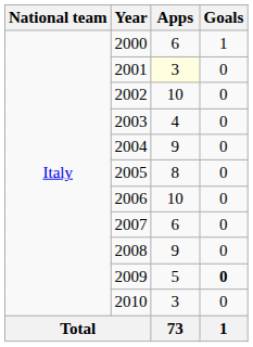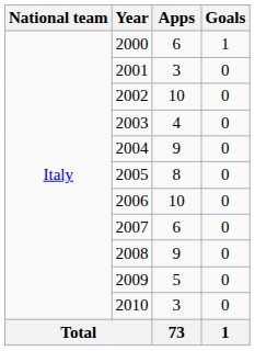 <table class="wikitable" style="text-align:center">
 <tr>
 <th>National team</th>
 <th>Year</th>
 <th width="40">Apps</th>
 <th width="40">Goals</th>
 </tr>
 <tr>
 <td rowspan="11"><a href='#'>Italy</a></td>
 <td>2000</td>
 <td>6</td>
 <td>1</td>
 </tr>
 <tr>
 <td>2001</td>
-<td style="background: lightyellow;">3</td>
+<td>3</td>
 <td>0</td>
 </tr>
 <tr>
 <td>2002</td>
 <td>10</td>
 <td>0</td>
 </tr>
 <tr>
 <td>2003</td>
 <td>4</td>
 <td>0</td>
 </tr>
 <tr>
 <td>2004</td>
 <td>9</td>
 <td>0</td>
 </tr>
 <tr>
 <td>2005</td>
 <td>8</td>
 <td>0</td>
 </tr>
 <tr>
 <td>2006</td>
 <td>10</td>
 <td>0</td>
 </tr>
 <tr>
 <td>2007</td>
 <td>6</td>
 <td>0</td>
 </tr>
 <tr>
 <td>2008</td>
 <td>9</td>
 <td>0</td>
 </tr>
 <tr>
 <td>2009</td>
 <td>5</td>
-<td><strong>0</strong></td>
+<td>0</td>
 </tr>
 <tr>
 <td>2010</td>
 <td>3</td>
 <td>0</td>
 </tr>
 <tr>
 <th colspan="2">Total</th>
 <th>73</th>
 <th>1</th>
 </tr>
 </table>
